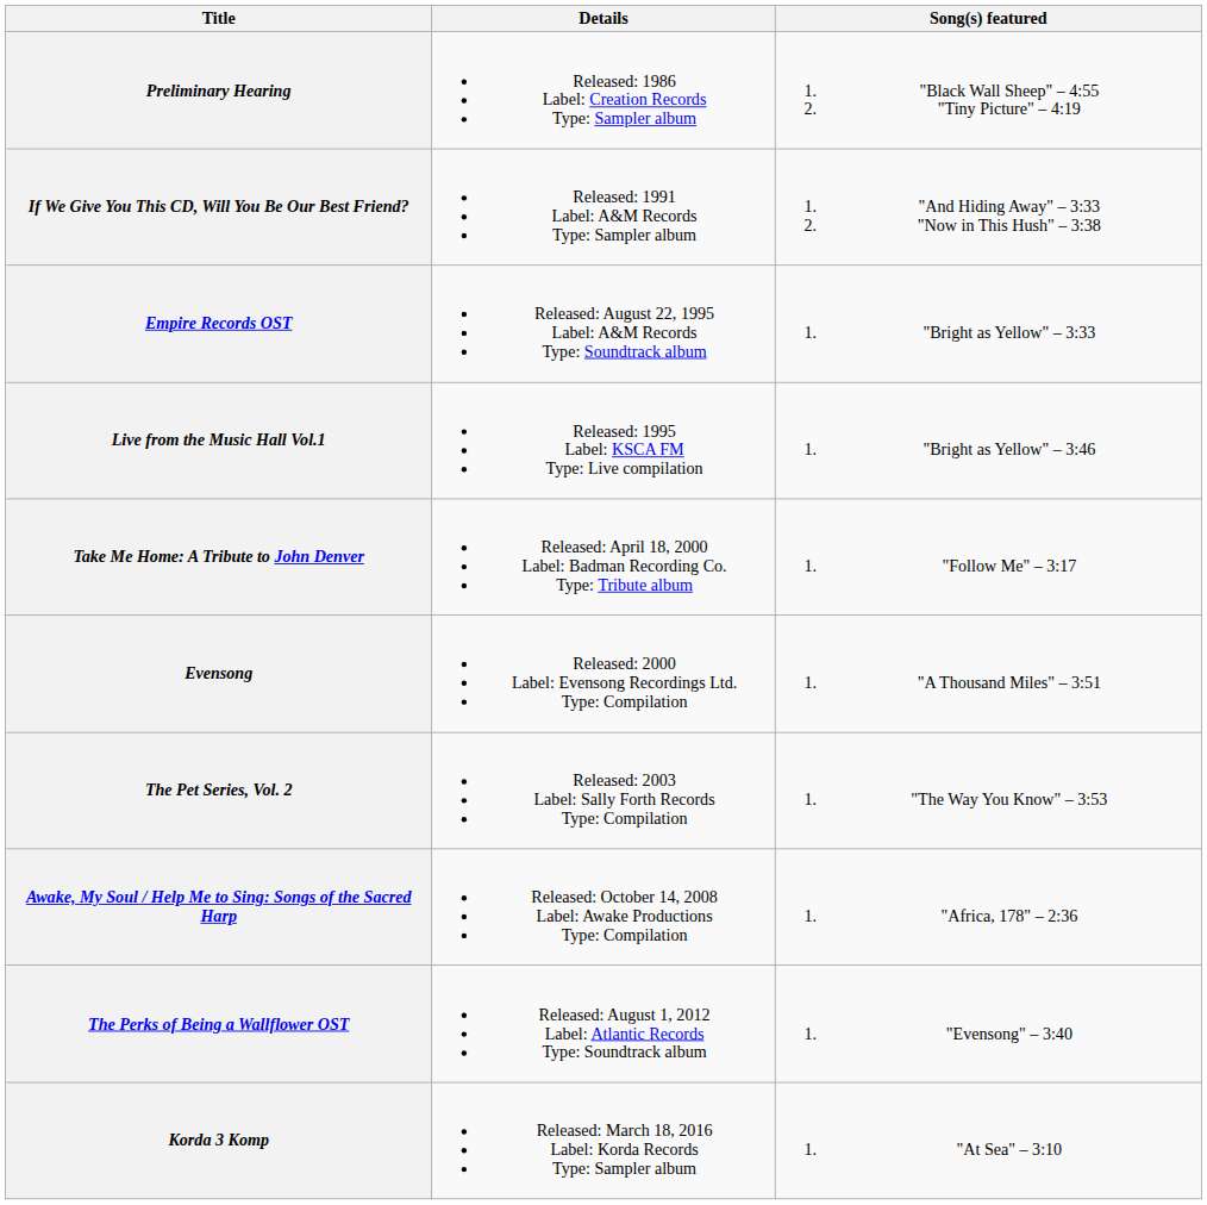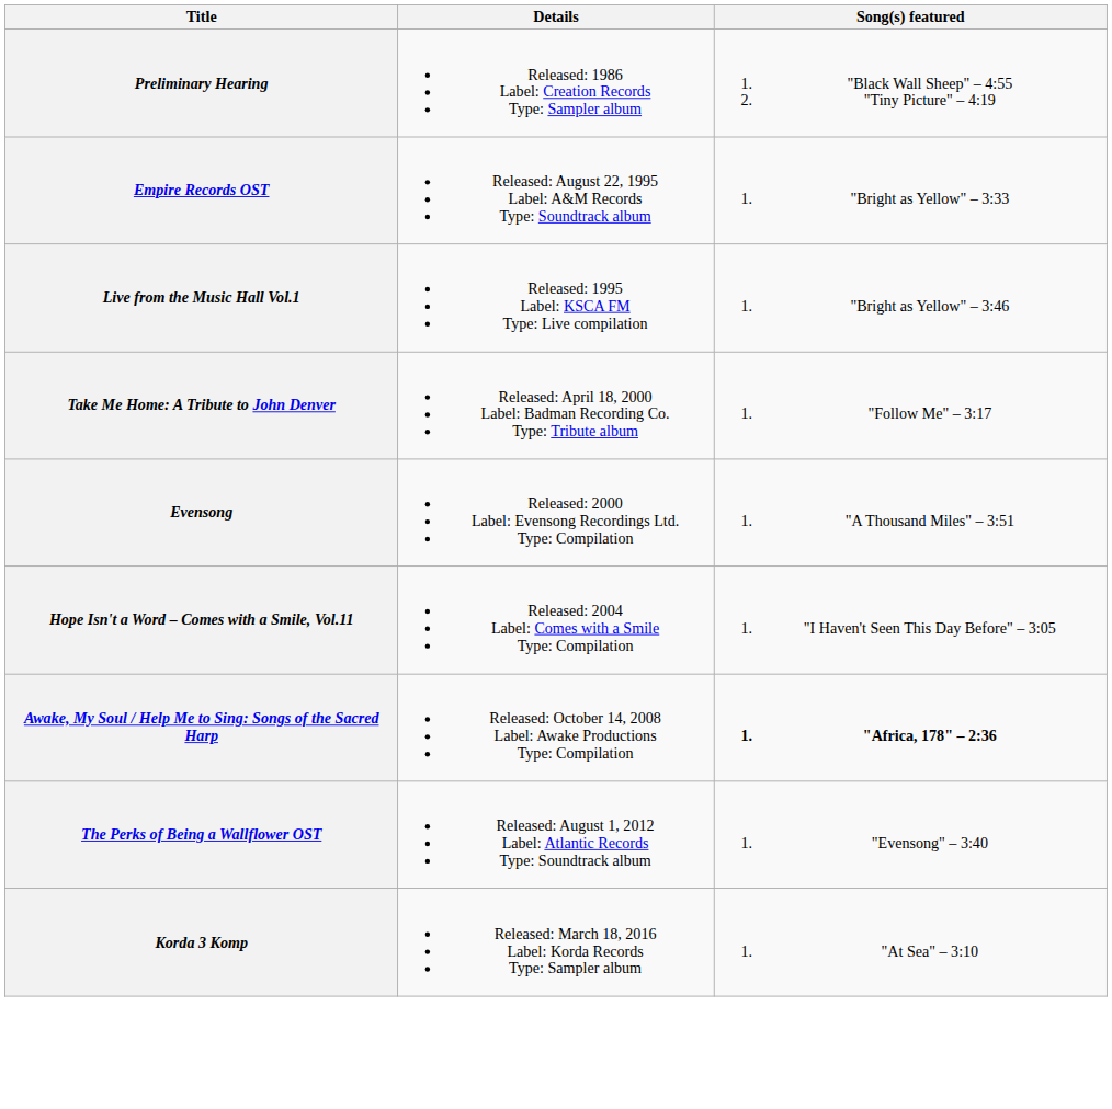 <table class="wikitable plainrowheaders" style="text-align:center;" border="1">
 <tr>
 <th scope="col" rowspan="1" style="width:25em;">Title</th>
 <th scope="col" rowspan="1" style="width:20em;">Details</th>
 <th scope="col" rowspan="1" style="width:25em;">Song(s) featured</th>
 </tr>
 <tr>
 <th scope="row"><em>Preliminary Hearing</em></th>
 <td><br><ul><li>Released: 1986</li><li>Label: <a href='#'>Creation Records</a></li><li>Type: <a href='#'>Sampler album</a></li></ul></td>
 <td><br><ol><li>"Black Wall Sheep" – 4:55</li><li>"Tiny Picture" – 4:19</li></ol></td>
-</tr>
-<tr>
-<th scope="row"><em>If We Give You This CD, Will You Be Our Best Friend?</em></th>
-<td><br><ul><li>Released: 1991</li><li>Label: A&M Records</li><li>Type: Sampler album</li></ul></td>
-<td><br><ol><li>"And Hiding Away" – 3:33</li><li>"Now in This Hush"  – 3:38</li></ol></td>
 </tr>
 <tr>
 <th scope="row"><em><a href='#'>Empire Records OST</a></em></th>
 <td><br><ul><li>Released: August 22, 1995</li><li>Label: A&M Records</li><li>Type: <a href='#'>Soundtrack album</a></li></ul></td>
 <td><br><ol><li>"Bright as Yellow" – 3:33</li></ol></td>
 </tr>
 <tr>
 <th scope="row"><em>Live from the Music Hall Vol.1</em></th>
 <td><br><ul><li>Released: 1995</li><li>Label: <a href='#'>KSCA FM</a></li><li>Type: Live compilation</li></ul></td>
 <td><br><ol><li>"Bright as Yellow"  – 3:46</li></ol></td>
 </tr>
 <tr>
 <th scope="row"><em>Take Me Home: A Tribute to <a href='#'>John Denver</a></em></th>
 <td><br><ul><li>Released: April 18, 2000</li><li>Label: Badman Recording Co.</li><li>Type: <a href='#'>Tribute album</a></li></ul></td>
 <td><br><ol><li>"Follow Me" – 3:17</li></ol></td>
 </tr>
 <tr>
 <th scope="row"><em>Evensong</em></th>
 <td><br><ul><li>Released: 2000</li><li>Label: Evensong Recordings Ltd.</li><li>Type: Compilation</li></ul></td>
 <td><br><ol><li>"A Thousand Miles" – 3:51</li></ol></td>
 </tr>
 <tr>
-<th scope="row"><em>The Pet Series, Vol. 2</em></th>
-<td><br><ul><li>Released: 2003</li><li>Label: Sally Forth Records</li><li>Type: Compilation</li></ul></td>
-<td><br><ol><li>"The Way You Know" – 3:53</li></ol></td>
+<th scope="row"><em>Hope Isn't a Word – Comes with a Smile, Vol.11</em></th>
+<td><br><ul><li>Released: 2004</li><li>Label: <a href='#'>Comes with a Smile</a></li><li>Type: Compilation</li></ul></td>
+<td><br><ol><li>"I Haven't Seen This Day Before"  – 3:05</li></ol></td>
 </tr>
 <tr>
 <th scope="row"><em><a href='#'>Awake, My Soul / Help Me to Sing: Songs of the Sacred Harp</a></em></th>
 <td><br><ul><li>Released: October 14, 2008</li><li>Label: Awake Productions</li><li>Type: Compilation</li></ul></td>
-<td><br><ol><li>"Africa, 178" – 2:36</li></ol></td>
+<td><strong><br><ol><li>"Africa, 178" – 2:36</li></ol></strong></td>
 </tr>
 <tr>
 <th scope="row"><em><a href='#'>The Perks of Being a Wallflower OST</a></em></th>
 <td><br><ul><li>Released: August 1, 2012</li><li>Label: <a href='#'>Atlantic Records</a></li><li>Type: Soundtrack album</li></ul></td>
 <td><br><ol><li>"Evensong" – 3:40</li></ol></td>
 </tr>
 <tr>
 <th scope="row"><em>Korda 3 Komp</em></th>
 <td><br><ul><li>Released: March 18, 2016</li><li>Label: Korda Records</li><li>Type: Sampler album</li></ul></td>
 <td><br><ol><li>"At Sea" – 3:10</li></ol></td>
 </tr>
 </table>
